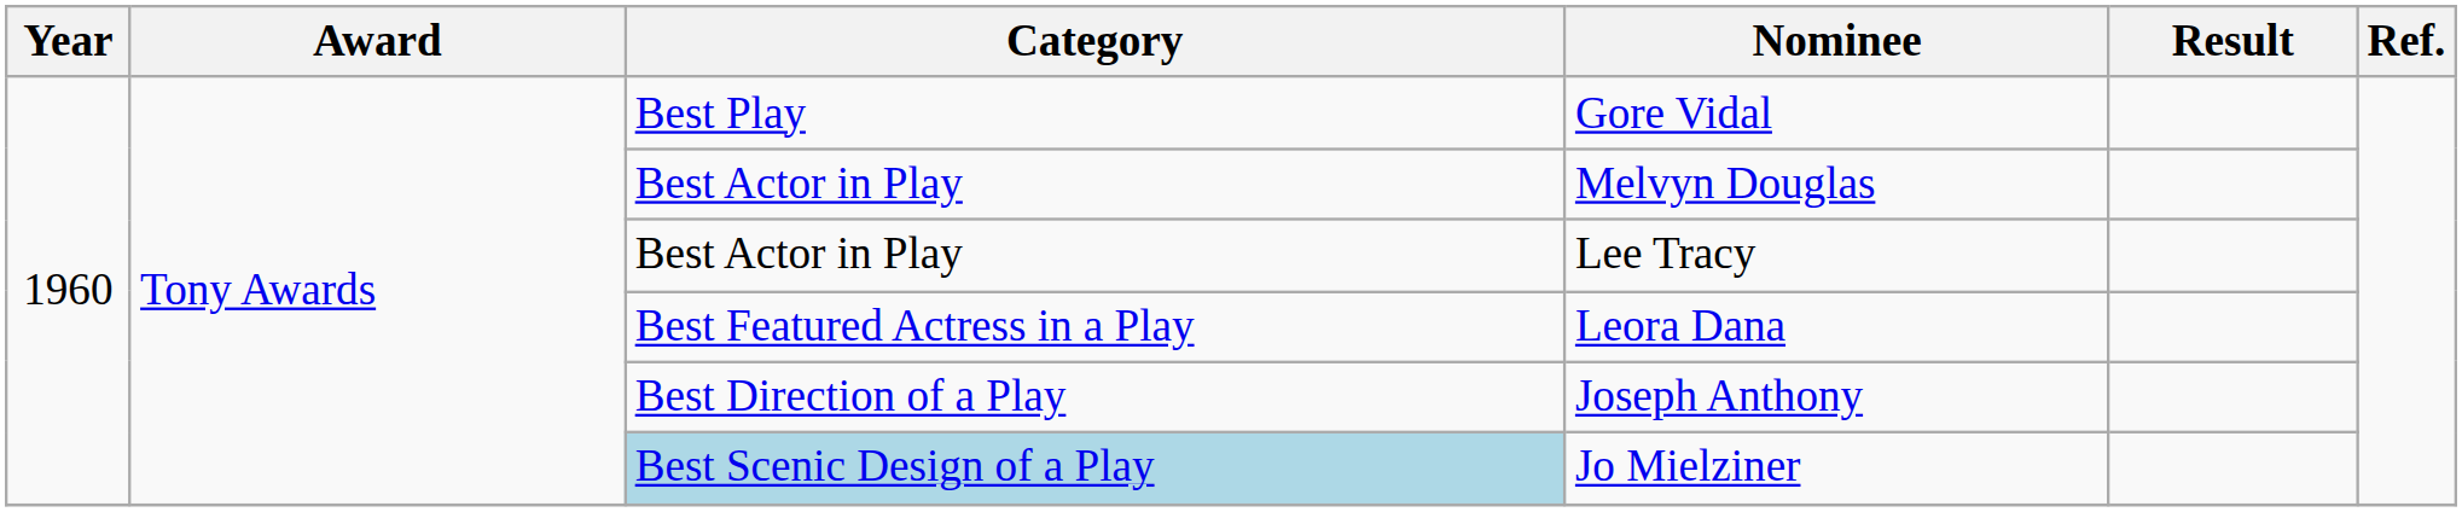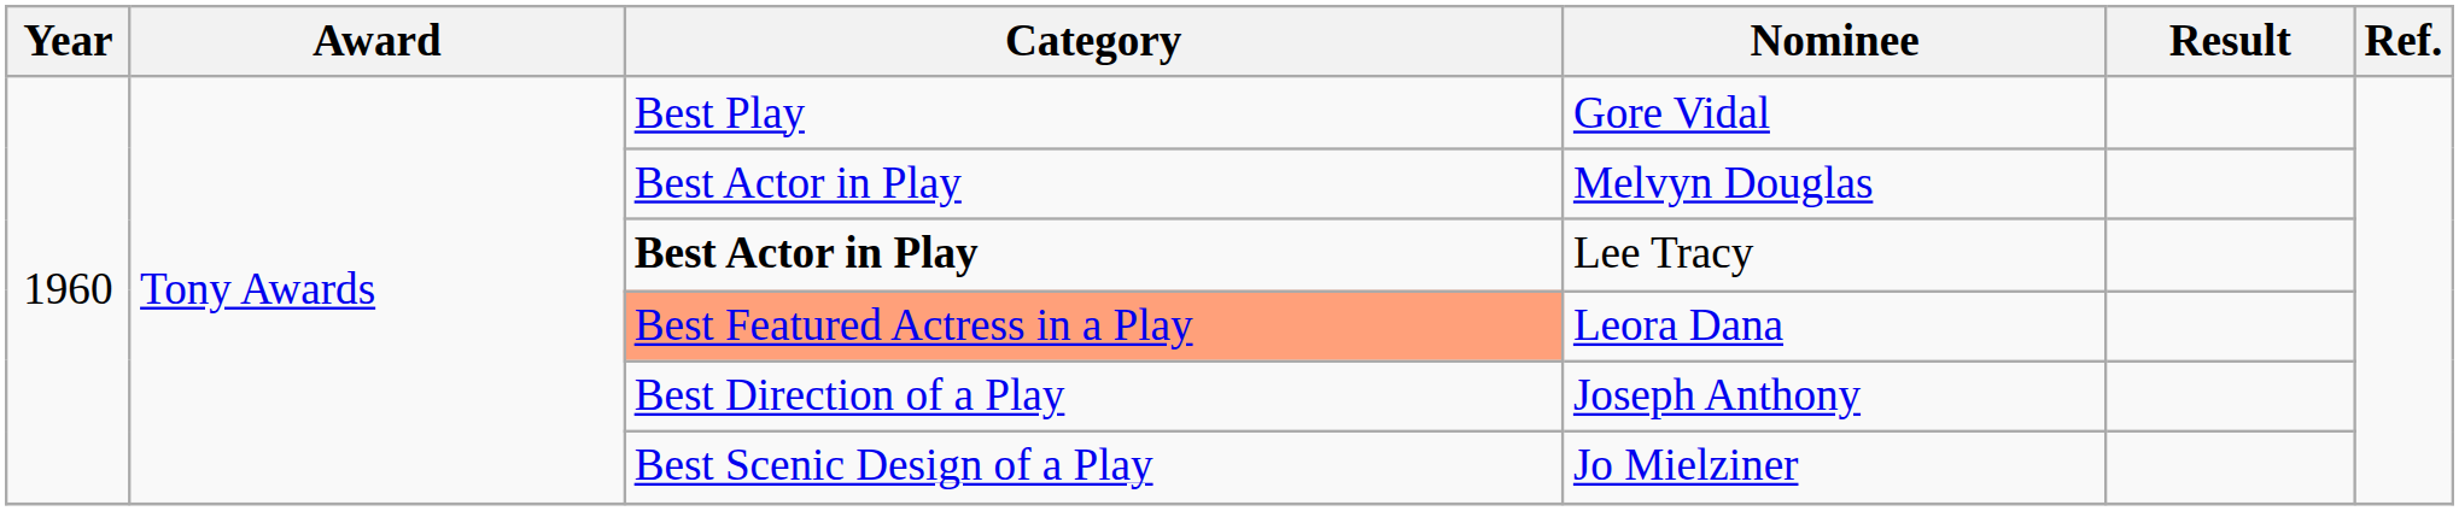 <table class="wikitable unsortable" style="width: 99%;">
 <tr>
 <th scope="col" style="width:5%;">Year</th>
 <th scope="col" style="width:20%;">Award</th>
 <th scope="col" style="width:38%;">Category</th>
 <th scope="col" style="width:22%;">Nominee</th>
 <th scope="col" style="width:10%;">Result</th>
 <th scope="col" style="width:2%;">Ref.</th>
 </tr>
 <tr>
 <td align="center", rowspan=6>1960</td>
 <td rowspan=6><a href='#'>Tony Awards</a></td>
 <td><a href='#'>Best Play</a></td>
 <td><a href='#'>Gore Vidal</a></td>
 <td></td>
 <td rowspan=6></td>
 </tr>
 <tr>
 <td><a href='#'>Best Actor in Play</a></td>
 <td><a href='#'>Melvyn Douglas</a></td>
 <td></td>
 </tr>
 <tr>
-<td>Best Actor in Play</td>
+<td><strong>Best Actor in Play</strong></td>
 <td>Lee Tracy</td>
 <td></td>
 </tr>
 <tr>
-<td><a href='#'>Best Featured Actress in a Play</a></td>
+<td style="background: lightsalmon;"><a href='#'>Best Featured Actress in a Play</a></td>
 <td><a href='#'>Leora Dana</a></td>
 <td></td>
 </tr>
 <tr>
 <td><a href='#'>Best Direction of a Play</a></td>
 <td><a href='#'>Joseph Anthony</a></td>
 <td></td>
 </tr>
 <tr>
-<td style="background: lightblue;"><a href='#'>Best Scenic Design of a Play</a></td>
+<td><a href='#'>Best Scenic Design of a Play</a></td>
 <td><a href='#'>Jo Mielziner</a></td>
 <td></td>
 </tr>
 <tr>
 </tr>
 </table>
